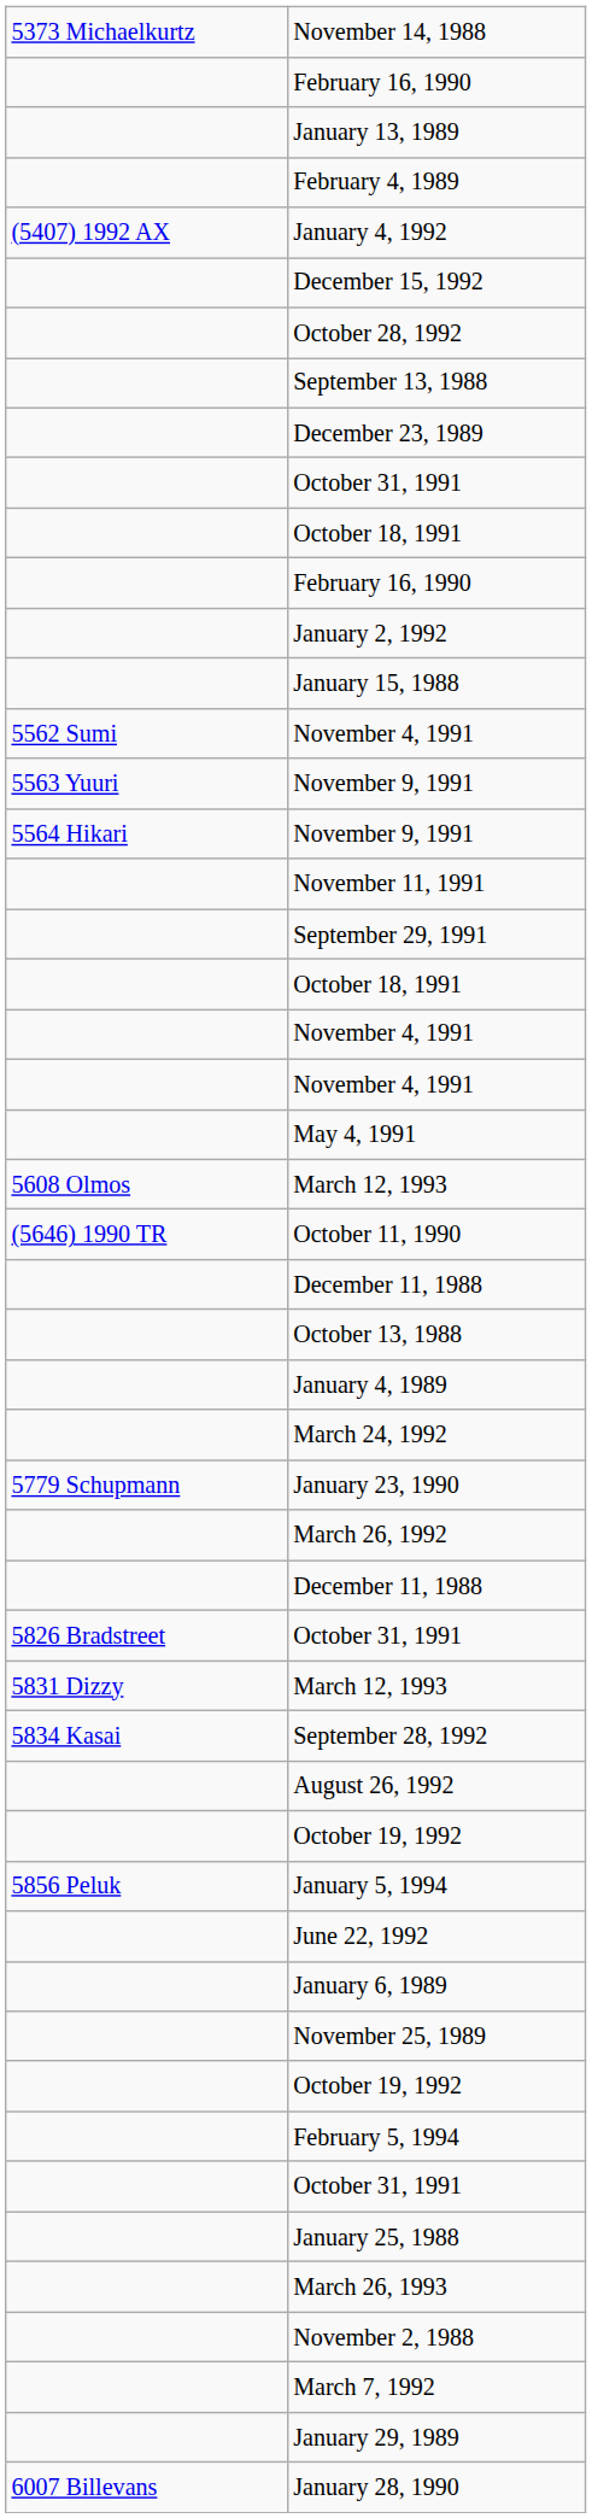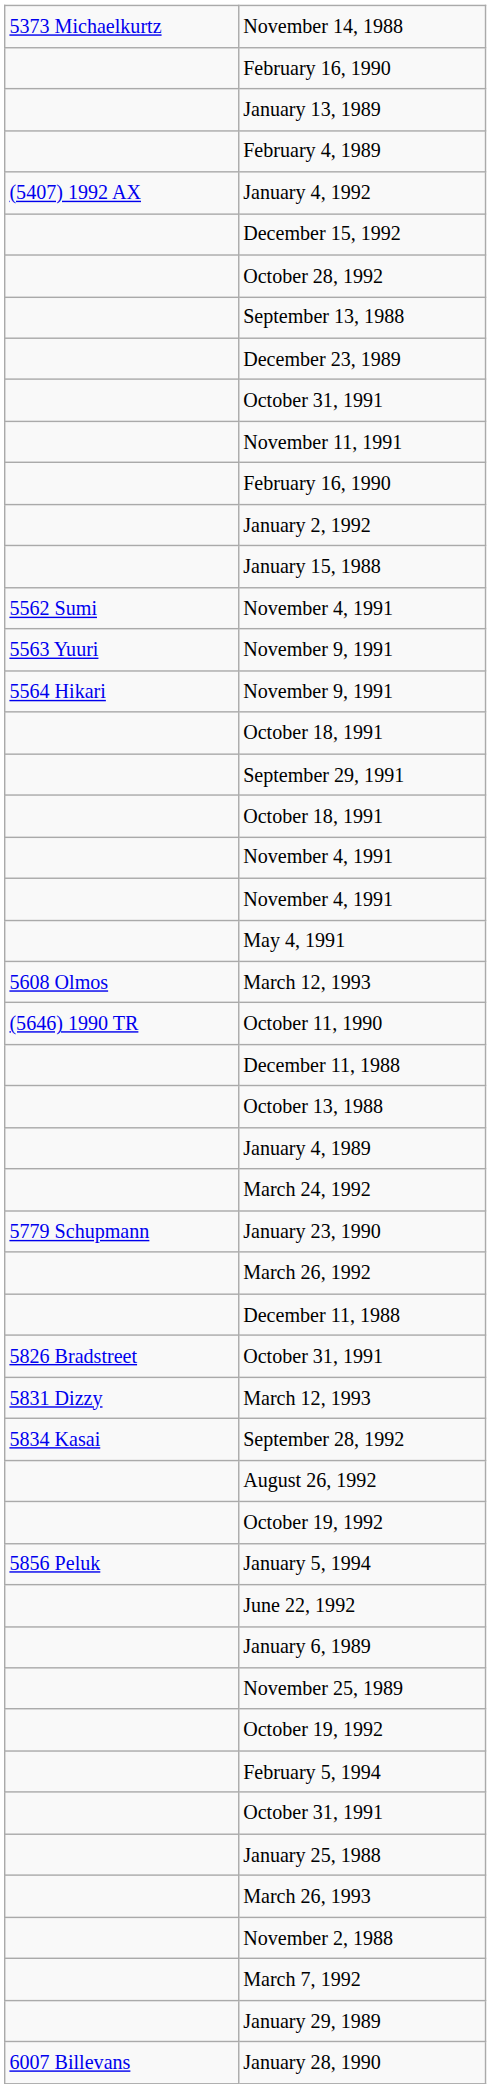 <table class="wikitable" style="font-size: 89%; float: left; width: 24em; margin-right: 1em; line-height: 1.6em !important;  height: 1250px;">
 <tr>
 <td><a href='#'>5373 Michaelkurtz</a></td>
 <td>November 14, 1988</td>
 </tr>
 <tr>
 <td></td>
 <td>February 16, 1990</td>
 </tr>
 <tr>
 <td></td>
 <td>January 13, 1989</td>
 </tr>
 <tr>
 <td></td>
 <td>February 4, 1989</td>
 </tr>
 <tr>
 <td><a href='#'>(5407) 1992 AX</a></td>
 <td>January 4, 1992</td>
 </tr>
 <tr>
 <td></td>
 <td>December 15, 1992</td>
 </tr>
 <tr>
 <td></td>
 <td>October 28, 1992</td>
 </tr>
 <tr>
 <td></td>
 <td>September 13, 1988</td>
 </tr>
 <tr>
 <td></td>
 <td>December 23, 1989</td>
 </tr>
 <tr>
 <td></td>
 <td>October 31, 1991</td>
 </tr>
 <tr>
 <td></td>
-<td>October 18, 1991</td>
+<td>November 11, 1991</td>
 </tr>
 <tr>
 <td></td>
 <td>February 16, 1990</td>
 </tr>
 <tr>
 <td></td>
 <td>January 2, 1992</td>
 </tr>
 <tr>
 <td></td>
 <td>January 15, 1988</td>
 </tr>
 <tr>
 <td><a href='#'>5562 Sumi</a></td>
 <td>November 4, 1991</td>
 </tr>
 <tr>
 <td><a href='#'>5563 Yuuri</a></td>
 <td>November 9, 1991</td>
 </tr>
 <tr>
 <td><a href='#'>5564 Hikari</a></td>
 <td>November 9, 1991</td>
 </tr>
 <tr>
 <td></td>
-<td>November 11, 1991</td>
+<td>October 18, 1991</td>
 </tr>
 <tr>
 <td></td>
 <td>September 29, 1991</td>
 </tr>
 <tr>
 <td></td>
 <td>October 18, 1991</td>
 </tr>
 <tr>
 <td></td>
 <td>November 4, 1991</td>
 </tr>
 <tr>
 <td></td>
 <td>November 4, 1991</td>
 </tr>
 <tr>
 <td></td>
 <td>May 4, 1991</td>
 </tr>
 <tr>
 <td><a href='#'>5608 Olmos</a></td>
 <td>March 12, 1993</td>
 </tr>
 <tr>
 <td><a href='#'>(5646) 1990 TR</a></td>
 <td>October 11, 1990</td>
 </tr>
 <tr>
 <td></td>
 <td>December 11, 1988</td>
 </tr>
 <tr>
 <td></td>
 <td>October 13, 1988</td>
 </tr>
 <tr>
 <td></td>
 <td>January 4, 1989</td>
 </tr>
 <tr>
 <td></td>
 <td>March 24, 1992</td>
 </tr>
 <tr>
 <td><a href='#'>5779 Schupmann</a></td>
 <td>January 23, 1990</td>
 </tr>
 <tr>
 <td></td>
 <td>March 26, 1992</td>
 </tr>
 <tr>
 <td></td>
 <td>December 11, 1988</td>
 </tr>
 <tr>
 <td><a href='#'>5826 Bradstreet</a></td>
 <td>October 31, 1991</td>
 </tr>
 <tr>
 <td><a href='#'>5831 Dizzy</a></td>
 <td>March 12, 1993</td>
 </tr>
 <tr>
 <td><a href='#'>5834 Kasai</a></td>
 <td>September 28, 1992</td>
 </tr>
 <tr>
 <td></td>
 <td>August 26, 1992</td>
 </tr>
 <tr>
 <td></td>
 <td>October 19, 1992</td>
 </tr>
 <tr>
 <td><a href='#'>5856 Peluk</a></td>
 <td>January 5, 1994</td>
 </tr>
 <tr>
 <td></td>
 <td>June 22, 1992</td>
 </tr>
 <tr>
 <td></td>
 <td>January 6, 1989</td>
 </tr>
 <tr>
 <td></td>
 <td>November 25, 1989</td>
 </tr>
 <tr>
 <td></td>
 <td>October 19, 1992</td>
 </tr>
 <tr>
 <td></td>
 <td>February 5, 1994</td>
 </tr>
 <tr>
 <td></td>
 <td>October 31, 1991</td>
 </tr>
 <tr>
 <td></td>
 <td>January 25, 1988</td>
 </tr>
 <tr>
 <td></td>
 <td>March 26, 1993</td>
 </tr>
 <tr>
 <td></td>
 <td>November 2, 1988</td>
 </tr>
 <tr>
 <td></td>
 <td>March 7, 1992</td>
 </tr>
 <tr>
 <td></td>
 <td>January 29, 1989</td>
 </tr>
 <tr>
 <td><a href='#'>6007 Billevans</a></td>
 <td>January 28, 1990</td>
 </tr>
 </table>
